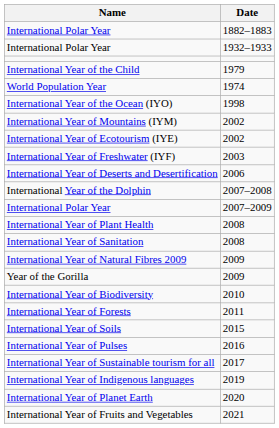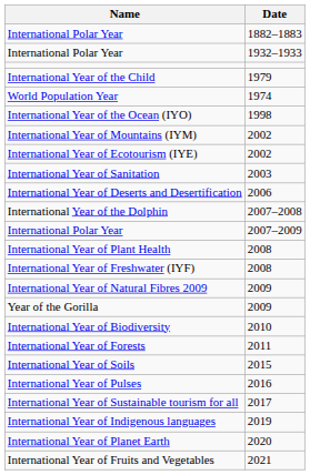 <table class="wikitable sortable">
 <tr>
 <th>Name</th>
 <th>Date</th>
 </tr>
 <tr>
 <td><a href='#'>International Polar Year</a></td>
 <td>1882–1883</td>
 </tr>
 <tr>
 <td>International Polar Year</td>
 <td>1932–1933</td>
 </tr>
 <tr 1992>
 <td></td>
 </tr>
 <tr>
 <td><a href='#'>International Year of the Child</a></td>
 <td>1979</td>
 </tr>
 <tr>
 <td><a href='#'>World Population Year</a></td>
 <td>1974</td>
 </tr>
 <tr>
 <td><a href='#'>International Year of the Ocean</a> (IYO)</td>
 <td>1998</td>
 </tr>
 <tr>
 <td><a href='#'>International Year of Mountains</a> (IYM)</td>
 <td>2002</td>
 </tr>
 <tr>
 <td><a href='#'>International Year of Ecotourism</a> (IYE)</td>
 <td>2002</td>
 </tr>
 <tr>
-<td><a href='#'>International Year of Freshwater</a> (IYF)</td>
+<td><a href='#'>International Year of Sanitation</a></td>
 <td>2003</td>
 </tr>
 <tr>
 <td><a href='#'>International Year of Deserts and Desertification</a></td>
 <td>2006</td>
 </tr>
 <tr>
 <td>International <a href='#'>Year of the Dolphin</a></td>
 <td>2007–2008</td>
 </tr>
 <tr>
 <td><a href='#'>International Polar Year</a></td>
 <td>2007–2009</td>
 </tr>
 <tr>
 <td><a href='#'>International Year of Plant Health</a></td>
 <td>2008</td>
 </tr>
 <tr>
-<td><a href='#'>International Year of Sanitation</a></td>
+<td><a href='#'>International Year of Freshwater</a> (IYF)</td>
 <td>2008</td>
 </tr>
 <tr>
 <td><a href='#'>International Year of Natural Fibres 2009</a></td>
 <td>2009</td>
 </tr>
 <tr>
 <td>Year of the Gorilla</td>
 <td>2009</td>
 </tr>
 <tr>
 <td><a href='#'>International Year of Biodiversity</a></td>
 <td>2010</td>
 </tr>
 <tr>
 <td><a href='#'>International Year of Forests</a></td>
 <td>2011</td>
 </tr>
 <tr>
 <td><a href='#'>International Year of Soils</a></td>
 <td>2015</td>
 </tr>
 <tr>
 <td><a href='#'>International Year of Pulses</a></td>
 <td>2016</td>
 </tr>
 <tr>
 <td><a href='#'>International Year of Sustainable tourism for all</a></td>
 <td>2017</td>
 </tr>
 <tr>
 <td><a href='#'>International Year of Indigenous languages</a></td>
 <td>2019</td>
 </tr>
 <tr>
 <td><a href='#'>International Year of Planet Earth</a></td>
 <td>2020</td>
 </tr>
 <tr>
 <td>International Year of Fruits and Vegetables</td>
 <td>2021</td>
 </tr>
 </table>
